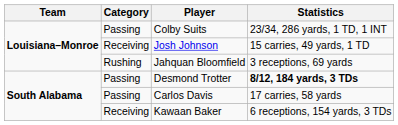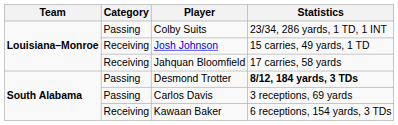 <table class="wikitable" style="float: left;">
 <tr>
 <th>Team</th>
 <th>Category</th>
 <th>Player</th>
 <th>Statistics</th>
 </tr>
 <tr>
 <td rowspan=3><strong>Louisiana–Monroe</strong></td>
 <td>Passing</td>
 <td>Colby Suits</td>
 <td>23/34, 286 yards, 1 TD, 1 INT</td>
 </tr>
 <tr>
 <td>Receiving</td>
 <td><a href='#'>Josh Johnson</a></td>
 <td>15 carries, 49 yards, 1 TD</td>
 </tr>
 <tr>
-<td>Rushing</td>
+<td>Receiving</td>
 <td>Jahquan Bloomfield</td>
-<td>3 receptions, 69 yards</td>
+<td>17 carries, 58 yards</td>
 </tr>
 <tr>
 <td rowspan=3><strong>South Alabama</strong></td>
 <td>Passing</td>
 <td>Desmond Trotter</td>
 <td><strong>8/12, 184 yards, 3 TDs</strong></td>
 </tr>
 <tr>
 <td>Passing</td>
 <td>Carlos Davis</td>
-<td>17 carries, 58 yards</td>
+<td>3 receptions, 69 yards</td>
 </tr>
 <tr>
 <td>Receiving</td>
 <td>Kawaan Baker</td>
 <td>6 receptions, 154 yards, 3 TDs</td>
 </tr>
 </table>
